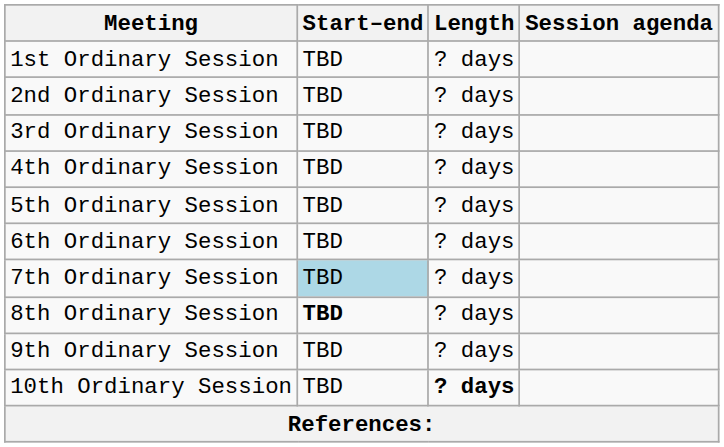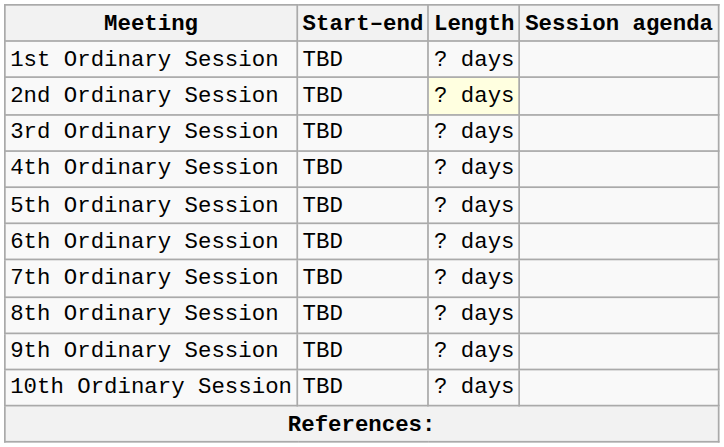 <table class="wikitable sortable">
 <tr>
 <th scope="col">Meeting</th>
 <th scope="col">Start–end</th>
 <th scope="col">Length</th>
 <th scope="col">Session agenda</th>
 </tr>
 <tr>
 <td>1st Ordinary Session</td>
 <td>TBD</td>
 <td>? days</td>
 <td></td>
 </tr>
 <tr>
 <td>2nd Ordinary Session</td>
 <td>TBD</td>
-<td>? days</td>
+<td style="background: lightyellow;">? days</td>
 <td></td>
 </tr>
 <tr>
 <td>3rd Ordinary Session</td>
 <td>TBD</td>
 <td>? days</td>
 <td></td>
 </tr>
 <tr>
 <td>4th Ordinary Session</td>
 <td>TBD</td>
 <td>? days</td>
 <td></td>
 </tr>
 <tr>
 <td>5th Ordinary Session</td>
 <td>TBD</td>
 <td>? days</td>
 <td></td>
 </tr>
 <tr>
 <td>6th Ordinary Session</td>
 <td>TBD</td>
 <td>? days</td>
 <td></td>
 </tr>
 <tr>
 <td>7th Ordinary Session</td>
-<td style="background: lightblue;">TBD</td>
+<td>TBD</td>
 <td>? days</td>
 <td></td>
 </tr>
 <tr>
 <td>8th Ordinary Session</td>
-<td><strong>TBD</strong></td>
+<td>TBD</td>
 <td>? days</td>
 <td></td>
 </tr>
 <tr>
 <td>9th Ordinary Session</td>
 <td>TBD</td>
 <td>? days</td>
 <td></td>
 </tr>
 <tr>
 <td>10th Ordinary Session</td>
 <td>TBD</td>
-<td><strong>? days</strong></td>
+<td>? days</td>
 <td></td>
 </tr>
 <tr>
 <th colspan="8" unsortable><strong>References:</strong><br></th>
 </tr>
 </table>
